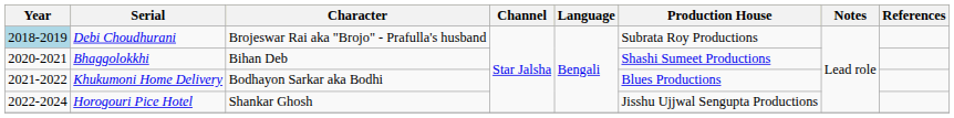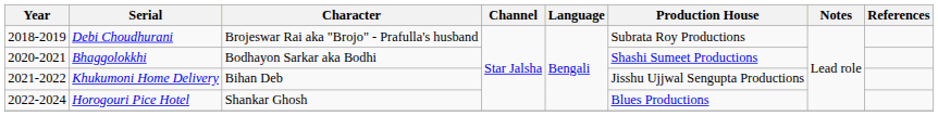 <table class="wikitable">
 <tr style="background:#ff9; text-align:center;">
 <th>Year</th>
 <th>Serial</th>
 <th>Character</th>
 <th>Channel</th>
 <th>Language</th>
 <th>Production House</th>
 <th>Notes</th>
 <th>References</th>
 </tr>
 <tr>
-<td style="background: lightblue;">2018-2019</td>
+<td>2018-2019</td>
 <td><em><a href='#'>Debi Choudhurani</a></em></td>
 <td>Brojeswar Rai aka "Brojo" - Prafulla's husband</td>
 <td rowspan="4"><a href='#'>Star Jalsha</a></td>
 <td rowspan="4"><a href='#'>Bengali</a></td>
 <td>Subrata Roy Productions</td>
 <td rowspan="4">Lead role</td>
 <td></td>
 </tr>
 <tr>
 <td>2020-2021</td>
 <td><em><a href='#'>Bhaggolokkhi</a></em></td>
-<td>Bihan Deb</td>
+<td>Bodhayon Sarkar aka Bodhi</td>
 <td><a href='#'>Shashi Sumeet Productions</a></td>
 <td></td>
 </tr>
 <tr>
 <td>2021-2022</td>
 <td><em><a href='#'>Khukumoni Home Delivery</a></em></td>
-<td>Bodhayon Sarkar aka Bodhi</td>
-<td><a href='#'>Blues Productions</a></td>
+<td>Bihan Deb</td>
+<td>Jisshu Ujjwal Sengupta Productions</td>
 <td></td>
 </tr>
 <tr>
 <td>2022-2024</td>
 <td><em><a href='#'>Horogouri Pice Hotel</a></em></td>
 <td>Shankar Ghosh</td>
-<td>Jisshu Ujjwal Sengupta Productions</td>
+<td><a href='#'>Blues Productions</a></td>
 <td></td>
 </tr>
 <tr>
 </tr>
 </table>
